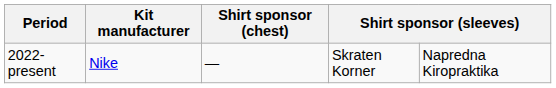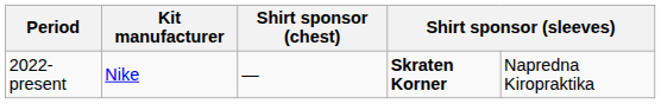 <table class="wikitable">
 <tr>
 <th>Period</th>
 <th>Kit manufacturer</th>
 <th>Shirt sponsor (chest)</th>
 <th colspan="2">Shirt sponsor (sleeves)</th>
 </tr>
 <tr>
 <td>2022-present</td>
 <td><a href='#'>Nike</a></td>
 <td>—</td>
-<td>Skraten Korner</td>
+<td><strong>Skraten Korner</strong></td>
 <td>Napredna Kiropraktika</td>
 </tr>
 </table>
